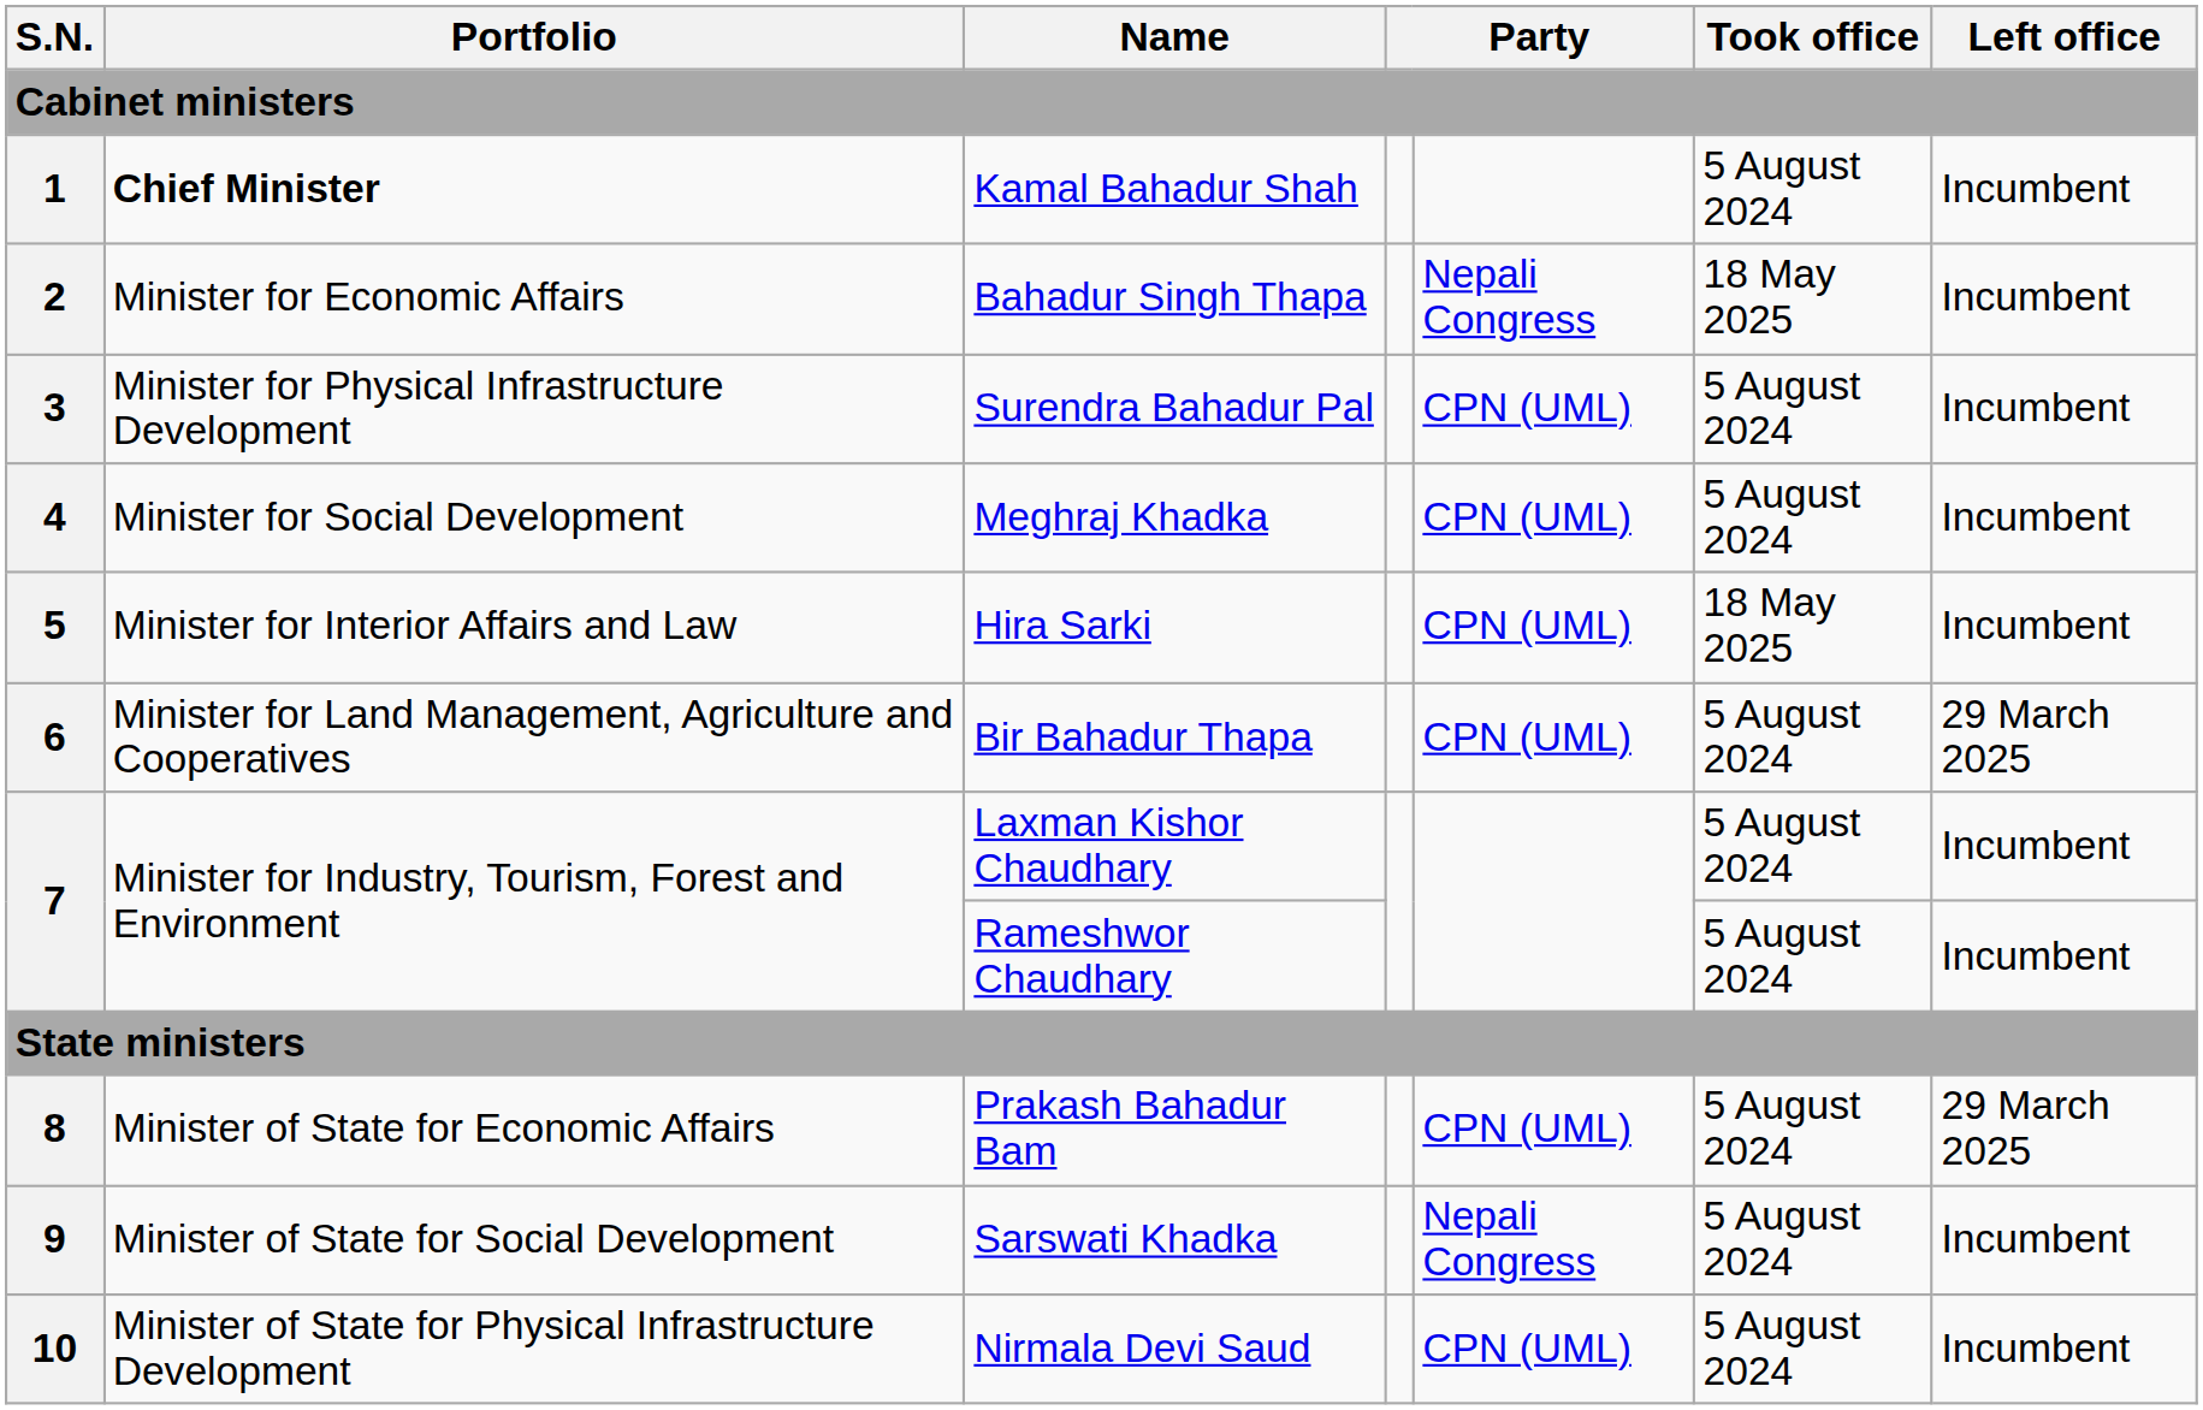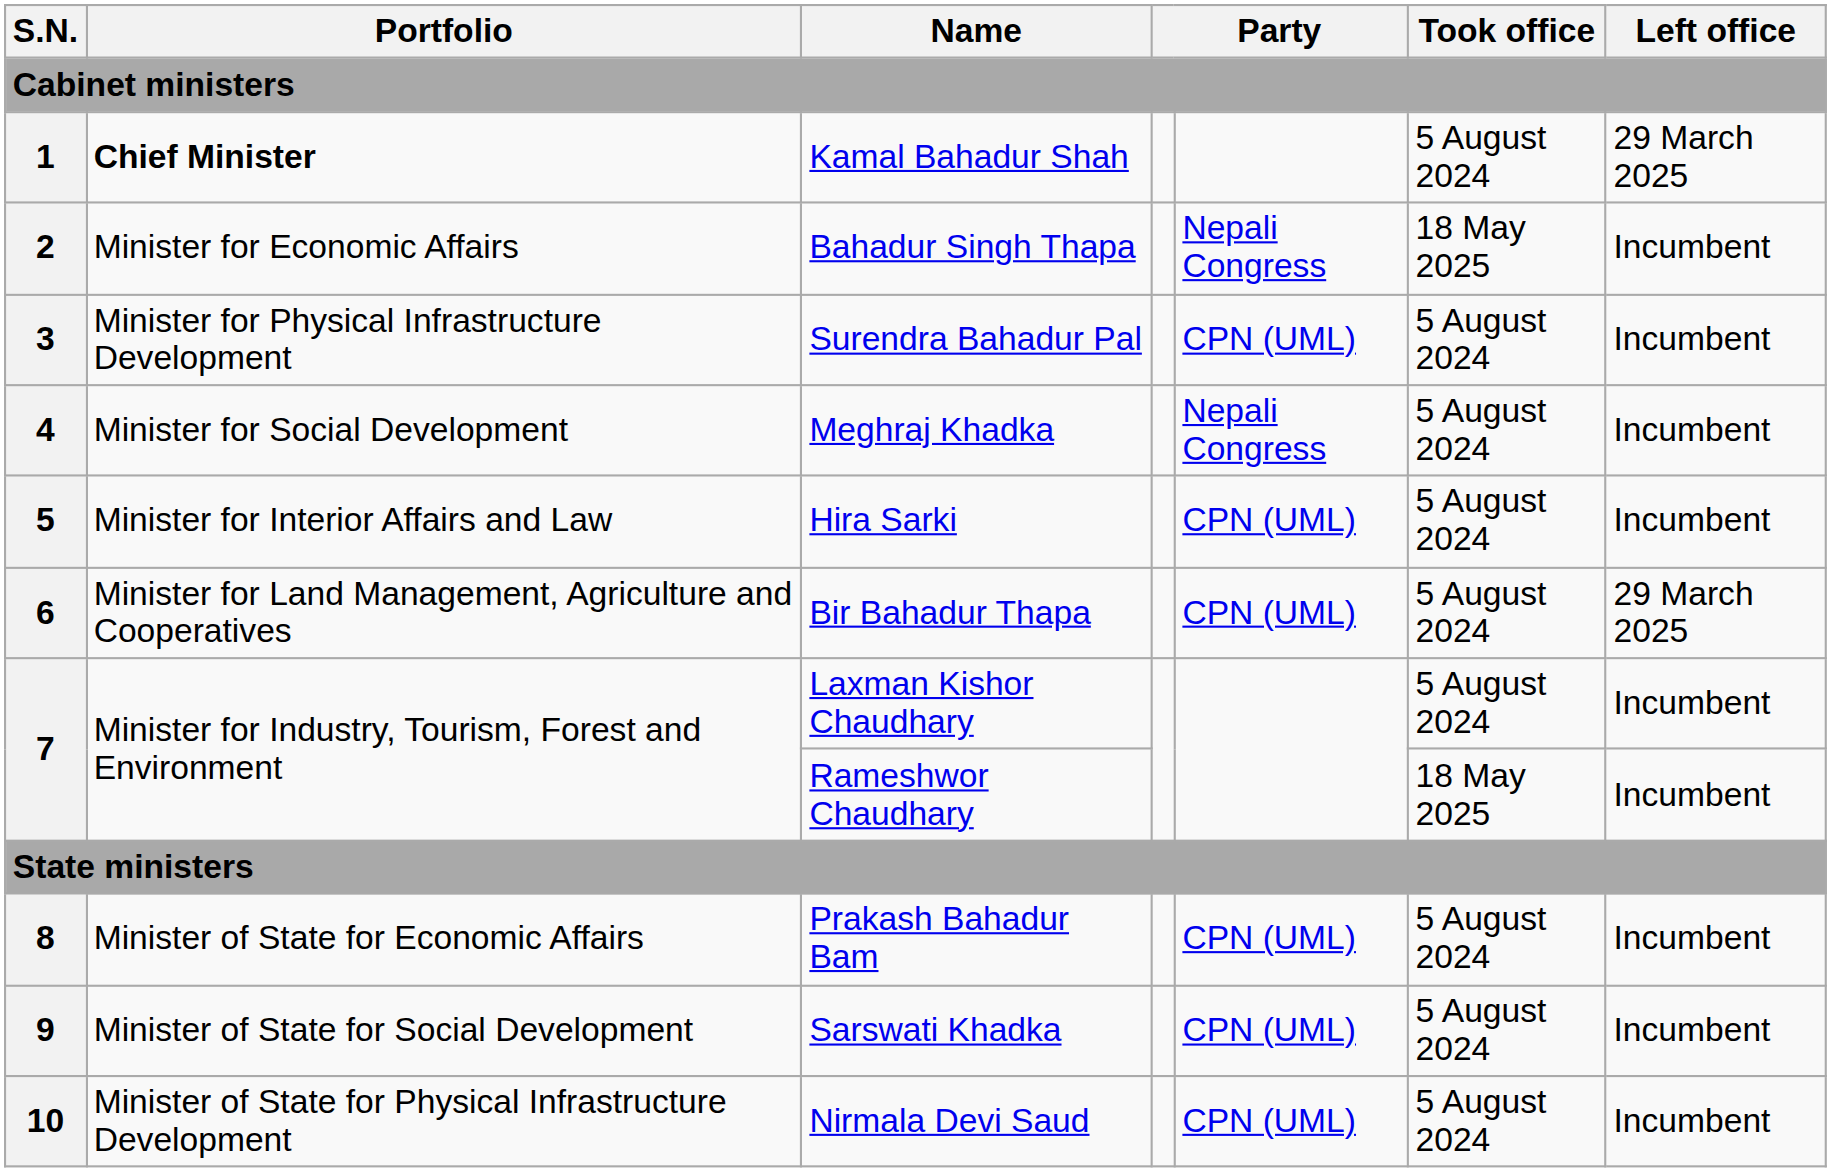 <table class="wikitable">
 <tr>
 <th>S.N.</th>
 <th>Portfolio</th>
 <th>Name</th>
 <th colspan="2">Party</th>
 <th>Took office</th>
 <th>Left office</th>
 </tr>
 <tr>
 <td colspan="7" bgcolor="darkgrey"><strong>Cabinet ministers</strong></td>
 </tr>
 <tr>
 <th>1</th>
 <td><strong>Chief Minister</strong></td>
 <td><a href='#'>Kamal Bahadur Shah</a></td>
 <td></td>
 <td></td>
 <td>5 August 2024</td>
-<td>Incumbent</td>
+<td>29 March 2025</td>
 </tr>
 <tr>
 <th>2</th>
 <td>Minister for Economic Affairs</td>
 <td><a href='#'>Bahadur Singh Thapa</a></td>
 <td width="4px"></td>
 <td><a href='#'>Nepali Congress</a></td>
 <td>18 May 2025</td>
 <td>Incumbent</td>
 </tr>
 <tr>
 <th>3</th>
 <td>Minister for Physical Infrastructure Development</td>
 <td><a href='#'>Surendra Bahadur Pal</a></td>
 <td width="4px"></td>
 <td><a href='#'>CPN (UML)</a></td>
 <td>5 August 2024</td>
 <td>Incumbent</td>
 </tr>
 <tr>
 <th>4</th>
 <td>Minister for Social Development</td>
 <td><a href='#'>Meghraj Khadka</a></td>
 <td width="4px"></td>
-<td><a href='#'>CPN (UML)</a></td>
+<td><a href='#'>Nepali Congress</a></td>
 <td>5 August 2024</td>
 <td>Incumbent</td>
 </tr>
 <tr>
 <th>5</th>
 <td>Minister for Interior Affairs and Law</td>
 <td><a href='#'>Hira Sarki</a></td>
 <td width="4px"></td>
 <td><a href='#'>CPN (UML)</a></td>
-<td>18 May 2025</td>
+<td>5 August 2024</td>
 <td>Incumbent</td>
 </tr>
 <tr>
 <th>6</th>
 <td>Minister for Land Management, Agriculture and Cooperatives</td>
 <td><a href='#'>Bir Bahadur Thapa</a></td>
 <td width="4px"></td>
 <td><a href='#'>CPN (UML)</a></td>
 <td>5 August 2024</td>
 <td>29 March 2025</td>
 </tr>
 <tr>
 <th rowspan="2">7</th>
 <td rowspan="2">Minister for Industry, Tourism, Forest and Environment</td>
 <td><a href='#'>Laxman Kishor Chaudhary</a></td>
 <td rowspan="2"></td>
 <td rowspan="2"></td>
 <td>5 August 2024</td>
 <td>Incumbent</td>
 </tr>
 <tr>
 <td><a href='#'>Rameshwor Chaudhary</a></td>
-<td>5 August 2024</td>
+<td>18 May 2025</td>
 <td>Incumbent</td>
 </tr>
 <tr>
 <td colspan="7" bgcolor="darkgrey"><strong>State ministers</strong></td>
 </tr>
 <tr>
 <th>8</th>
 <td>Minister of State for Economic Affairs</td>
 <td><a href='#'>Prakash Bahadur Bam</a></td>
 <td width="4px"></td>
 <td><a href='#'>CPN (UML)</a></td>
 <td>5 August 2024</td>
-<td>29 March 2025</td>
+<td>Incumbent</td>
 </tr>
 <tr>
 <th>9</th>
 <td>Minister of State for Social Development</td>
 <td><a href='#'>Sarswati Khadka</a></td>
 <td width="4px"></td>
-<td><a href='#'>Nepali Congress</a></td>
+<td><a href='#'>CPN (UML)</a></td>
 <td>5 August 2024</td>
 <td>Incumbent</td>
 </tr>
 <tr>
 <th>10</th>
 <td>Minister of State for Physical Infrastructure Development</td>
 <td><a href='#'>Nirmala Devi Saud</a></td>
 <td width="4px"></td>
 <td><a href='#'>CPN (UML)</a></td>
 <td>5 August 2024</td>
 <td>Incumbent</td>
 </tr>
 </table>
